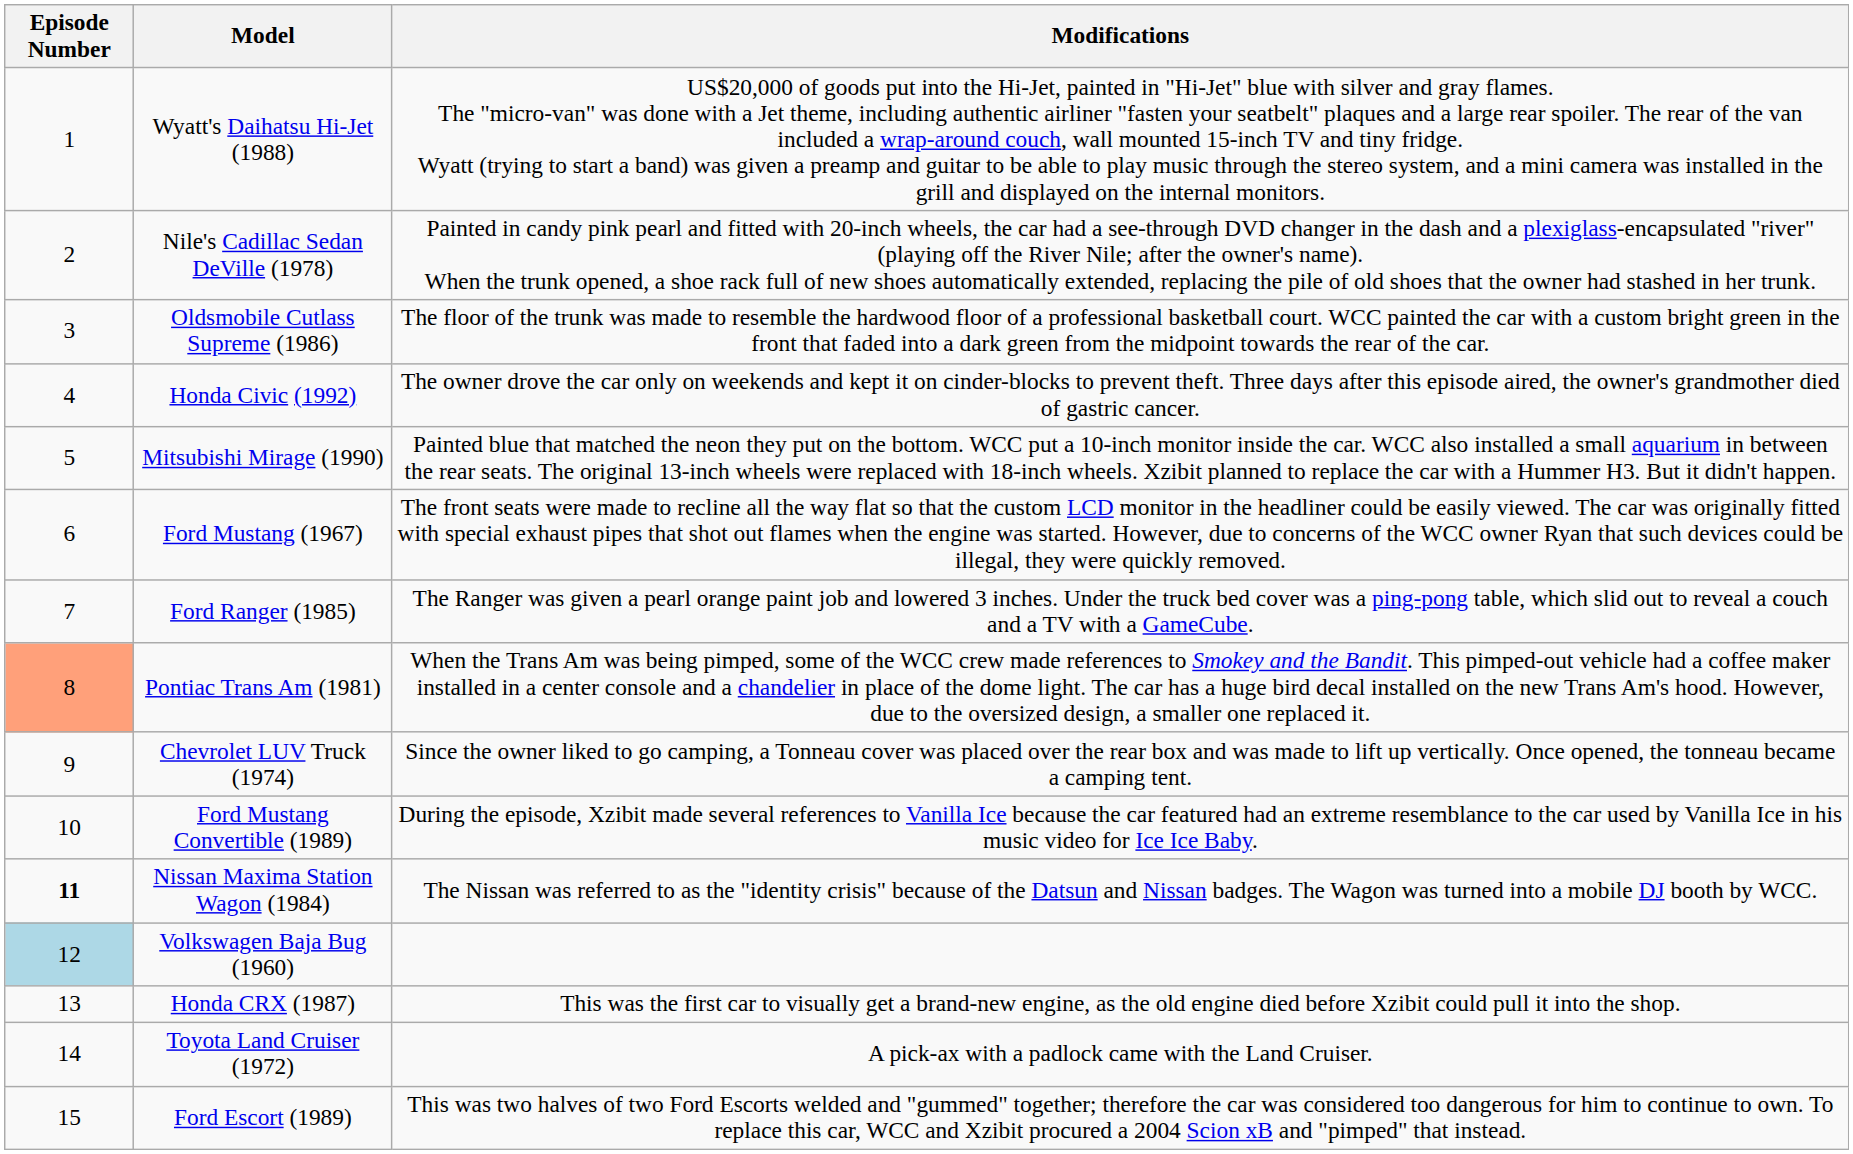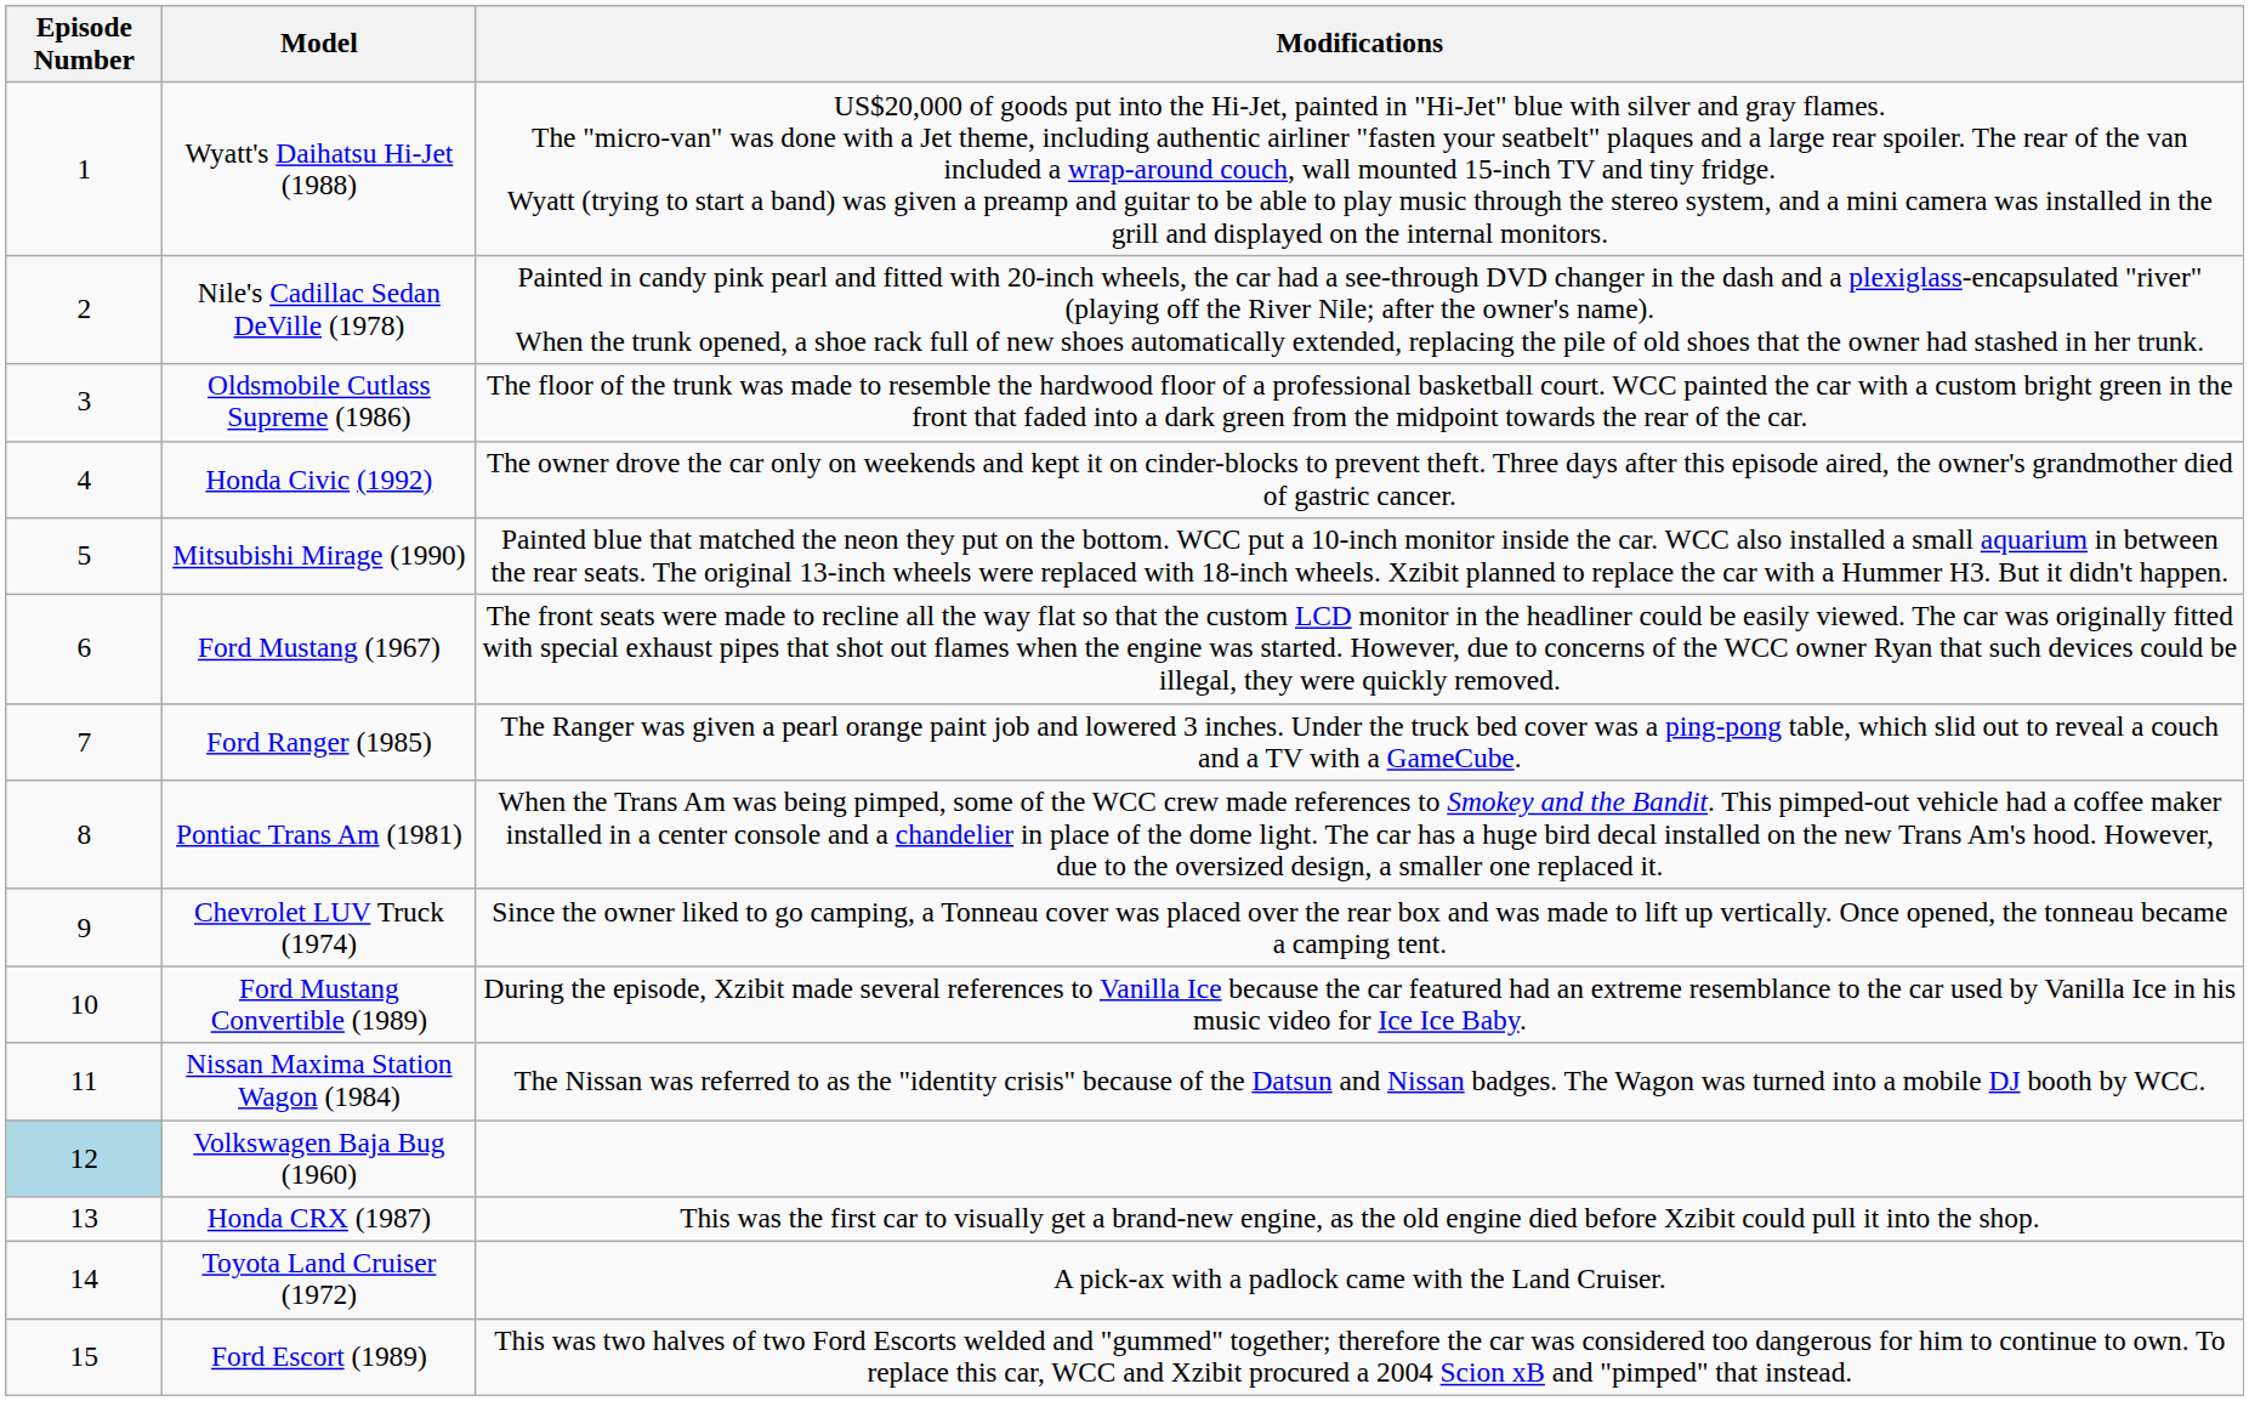 <table class="wikitable" style="text-align:center; width:100%;">
 <tr>
 <th width=7%>Episode Number</th>
 <th width=14%>Model</th>
 <th width=79%>Modifications</th>
 </tr>
 <tr>
 <td>1</td>
 <td>Wyatt's <a href='#'>Daihatsu Hi-Jet</a> (1988)</td>
 <td>US$20,000 of goods put into the Hi-Jet, painted in "Hi-Jet" blue with silver and gray flames.<br>The "micro-van" was done with a Jet theme, including authentic airliner "fasten your seatbelt" plaques and a large rear spoiler. The rear of the van included a <a href='#'>wrap-around couch</a>, wall mounted 15-inch TV and tiny fridge.<br>Wyatt (trying to start a band) was given a preamp and guitar to be able to play music through the stereo system, and a mini camera was installed in the grill and displayed on the internal monitors.</td>
 </tr>
 <tr>
 <td>2</td>
 <td>Nile's <a href='#'>Cadillac Sedan DeVille</a> (1978)</td>
 <td>Painted in candy pink pearl and fitted with 20-inch wheels, the car had a see-through DVD changer in the dash and a <a href='#'>plexiglass</a>-encapsulated "river" (playing off the River Nile; after the owner's name).<br>When the trunk opened, a shoe rack full of new shoes automatically extended, replacing the pile of old shoes that the owner had stashed in her trunk.</td>
 </tr>
 <tr>
 <td>3</td>
 <td><a href='#'>Oldsmobile Cutlass Supreme</a> (1986)</td>
 <td>The floor of the trunk was made to resemble the hardwood floor of a professional basketball court. WCC painted the car with a custom bright green in the front that faded into a dark green from the midpoint towards the rear of the car.</td>
 </tr>
 <tr>
 <td>4</td>
 <td><a href='#'>Honda Civic</a> <a href='#'>(1992)</a></td>
 <td>The owner drove the car only on weekends and kept it on cinder-blocks to prevent theft. Three days after this episode aired, the owner's grandmother died of gastric cancer.</td>
 </tr>
 <tr>
 <td>5</td>
 <td><a href='#'>Mitsubishi Mirage</a> (1990)</td>
 <td>Painted blue that matched the neon they put on the bottom. WCC put a 10-inch monitor inside the car. WCC also installed a small <a href='#'>aquarium</a> in between the rear seats. The original 13-inch wheels were replaced with 18-inch wheels. Xzibit planned to replace the car with a Hummer H3. But it didn't happen.</td>
 </tr>
 <tr>
 <td>6</td>
 <td><a href='#'>Ford Mustang</a> (1967)</td>
 <td>The front seats were made to recline all the way flat so that the custom <a href='#'>LCD</a> monitor in the headliner could be easily viewed. The car was originally fitted with special exhaust pipes that shot out flames when the engine was started. However, due to concerns of the WCC owner Ryan that such devices could be illegal, they were quickly removed.</td>
 </tr>
 <tr>
 <td>7</td>
 <td><a href='#'>Ford Ranger</a> (1985)</td>
 <td>The Ranger was given a pearl orange paint job and lowered 3 inches. Under the truck bed cover was a <a href='#'>ping-pong</a> table, which slid out to reveal a couch and a TV with a <a href='#'>GameCube</a>.</td>
 </tr>
 <tr>
-<td style="background: lightsalmon;">8</td>
+<td>8</td>
 <td><a href='#'>Pontiac Trans Am</a> (1981)</td>
 <td>When the Trans Am was being pimped, some of the WCC crew made references to <em><a href='#'>Smokey and the Bandit</a></em>. This pimped-out vehicle had a coffee maker installed in a center console and a <a href='#'>chandelier</a> in place of the dome light. The car has a huge bird decal installed on the new Trans Am's hood. However, due to the oversized design, a smaller one replaced it.</td>
 </tr>
 <tr>
 <td>9</td>
 <td><a href='#'>Chevrolet LUV</a> Truck (1974)</td>
 <td>Since the owner liked to go camping, a Tonneau cover was placed over the rear box and was made to lift up vertically. Once opened, the tonneau became a camping tent.</td>
 </tr>
 <tr>
 <td>10</td>
 <td><a href='#'>Ford Mustang Convertible</a> (1989)</td>
 <td>During the episode, Xzibit made several references to <a href='#'>Vanilla Ice</a> because the car featured had an extreme resemblance to the car used by Vanilla Ice in his music video for <a href='#'>Ice Ice Baby</a>.</td>
 </tr>
 <tr>
-<td><strong>11</strong></td>
+<td>11</td>
 <td><a href='#'>Nissan Maxima Station Wagon</a> (1984)</td>
 <td>The Nissan was referred to as the "identity crisis" because of the <a href='#'>Datsun</a> and <a href='#'>Nissan</a> badges. The Wagon was turned into a mobile <a href='#'>DJ</a> booth by WCC.</td>
 </tr>
 <tr>
 <td style="background: lightblue;">12</td>
 <td><a href='#'>Volkswagen Baja Bug</a> (1960)</td>
 <td></td>
 </tr>
 <tr>
 <td>13</td>
 <td><a href='#'>Honda CRX</a> (1987)</td>
 <td>This was the first car to visually get a brand-new engine, as the old engine died before Xzibit could pull it into the shop.</td>
 </tr>
 <tr>
 <td>14</td>
 <td><a href='#'>Toyota Land Cruiser</a> (1972)</td>
 <td>A pick-ax with a padlock came with the Land Cruiser.</td>
 </tr>
 <tr>
 <td>15</td>
 <td><a href='#'>Ford Escort</a> (1989)</td>
 <td>This was two halves of two Ford Escorts welded and "gummed" together; therefore the car was considered too dangerous for him to continue to own. To replace this car, WCC and Xzibit procured a 2004 <a href='#'>Scion xB</a> and "pimped" that instead.</td>
 </tr>
 </table>
